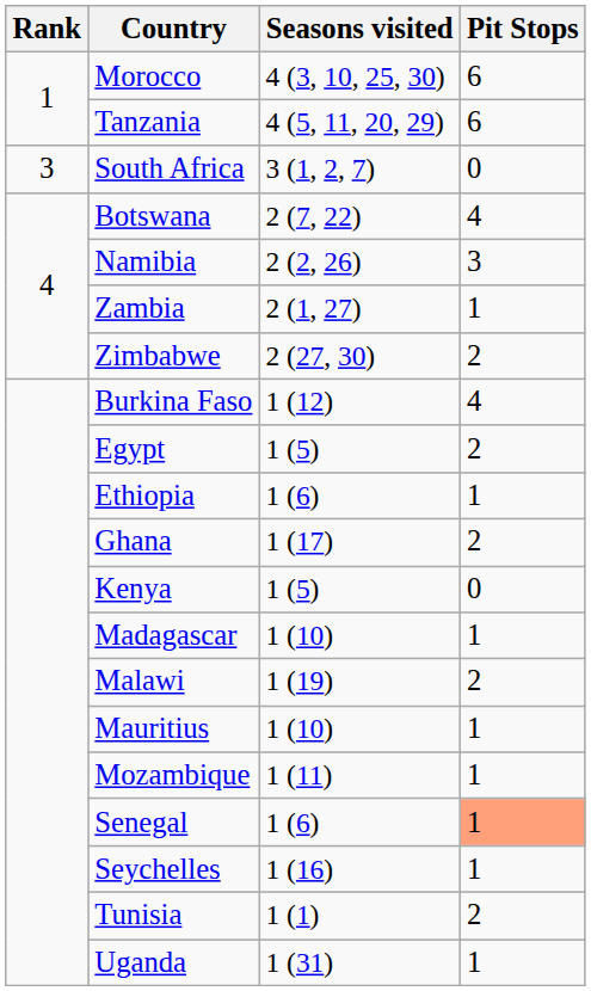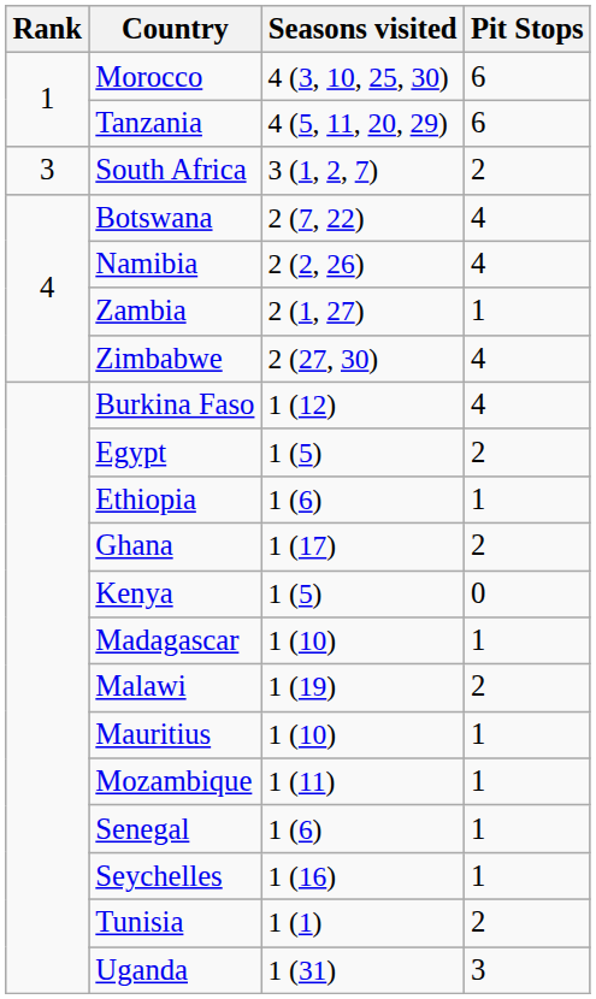 <table class="wikitable">
 <tr>
 <th>Rank</th>
 <th>Country</th>
 <th>Seasons visited</th>
 <th>Pit Stops</th>
 </tr>
 <tr>
 <td rowspan="2" style="text-align:center;">1</td>
 <td><a href='#'>Morocco</a></td>
 <td style="font-size:95%">4 (<a href='#'>3</a>, <a href='#'>10</a>, <a href='#'>25</a>, <a href='#'>30</a>)</td>
 <td>6</td>
 </tr>
 <tr>
 <td><a href='#'>Tanzania</a></td>
 <td style="font-size:95%">4 (<a href='#'>5</a>, <a href='#'>11</a>, <a href='#'>20</a>, <a href='#'>29</a>)</td>
 <td>6</td>
 </tr>
 <tr>
 <td style="text-align:center;">3</td>
 <td><a href='#'>South Africa</a></td>
 <td style="font-size:95%">3 (<a href='#'>1</a>, <a href='#'>2</a>, <a href='#'>7</a>)</td>
-<td>0</td>
+<td>2</td>
 </tr>
 <tr>
 <td rowspan="4" style="text-align:center;">4</td>
 <td><a href='#'>Botswana</a></td>
 <td style="font-size:95%">2 (<a href='#'>7</a>, <a href='#'>22</a>)</td>
 <td>4</td>
 </tr>
 <tr>
 <td><a href='#'>Namibia</a></td>
 <td style="font-size:95%">2 (<a href='#'>2</a>, <a href='#'>26</a>)</td>
-<td>3</td>
+<td>4</td>
 </tr>
 <tr>
 <td><a href='#'>Zambia</a></td>
 <td style="font-size:95%">2 (<a href='#'>1</a>, <a href='#'>27</a>)</td>
 <td>1</td>
 </tr>
 <tr>
 <td><a href='#'>Zimbabwe</a></td>
 <td style="font-size:95%">2 (<a href='#'>27</a>, <a href='#'>30</a>)</td>
-<td>2</td>
+<td>4</td>
 </tr>
 <tr>
 <td rowspan="13"></td>
 <td><a href='#'>Burkina Faso</a></td>
 <td style="font-size:95%">1 (<a href='#'>12</a>)</td>
 <td>4</td>
 </tr>
 <tr>
 <td><a href='#'>Egypt</a></td>
 <td style="font-size:95%">1 (<a href='#'>5</a>)</td>
 <td>2</td>
 </tr>
 <tr>
 <td><a href='#'>Ethiopia</a></td>
 <td style="font-size:95%">1 (<a href='#'>6</a>)</td>
 <td>1</td>
 </tr>
 <tr>
 <td><a href='#'>Ghana</a></td>
 <td style="font-size:95%">1 (<a href='#'>17</a>)</td>
 <td>2</td>
 </tr>
 <tr>
 <td><a href='#'>Kenya</a></td>
 <td style="font-size:95%">1 (<a href='#'>5</a>)</td>
 <td>0</td>
 </tr>
 <tr>
 <td><a href='#'>Madagascar</a></td>
 <td style="font-size:95%">1 (<a href='#'>10</a>)</td>
 <td>1</td>
 </tr>
 <tr>
 <td><a href='#'>Malawi</a></td>
 <td style="font-size:95%">1 (<a href='#'>19</a>)</td>
 <td>2</td>
 </tr>
 <tr>
 <td><a href='#'>Mauritius</a></td>
 <td style="font-size:95%">1 (<a href='#'>10</a>)</td>
 <td>1</td>
 </tr>
 <tr>
 <td><a href='#'>Mozambique</a></td>
 <td style="font-size:95%">1 (<a href='#'>11</a>)</td>
 <td>1</td>
 </tr>
 <tr>
 <td><a href='#'>Senegal</a></td>
 <td style="font-size:95%">1 (<a href='#'>6</a>)</td>
-<td style="background: lightsalmon;">1</td>
+<td>1</td>
 </tr>
 <tr>
 <td><a href='#'>Seychelles</a></td>
 <td style="font-size:95%">1 (<a href='#'>16</a>)</td>
 <td>1</td>
 </tr>
 <tr>
 <td><a href='#'>Tunisia</a></td>
 <td style="font-size:95%">1 (<a href='#'>1</a>)</td>
 <td>2</td>
 </tr>
 <tr>
 <td><a href='#'>Uganda</a></td>
 <td style="font-size:95%">1 (<a href='#'>31</a>)</td>
-<td>1</td>
+<td>3</td>
 </tr>
 <tr>
 </tr>
 </table>
